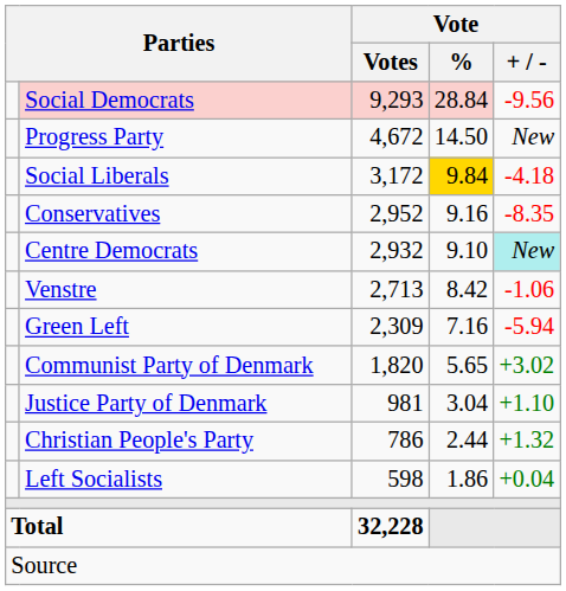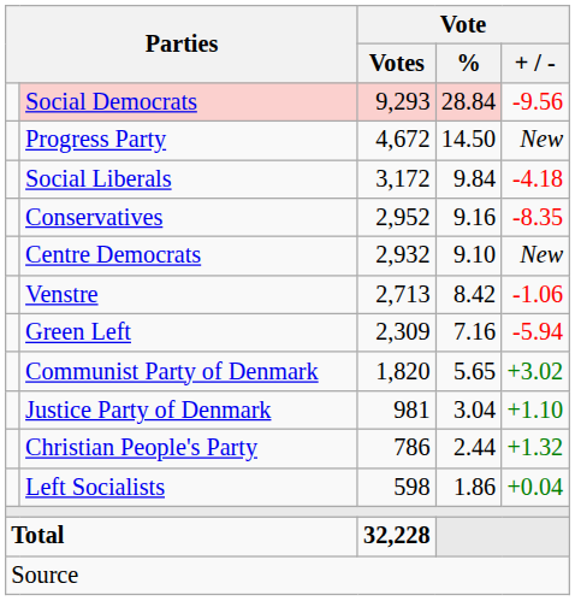 <table class="wikitable" style="text-align:right;">
 <tr>
 <th style="text-align:centre;" rowspan="2" colspan="2" width="225">Parties</th>
 <th colspan="3">Vote</th>
 </tr>
 <tr>
 <th width="15">Votes</th>
 <th width="15">%</th>
 <th width="15">+ / -</th>
 </tr>
 <tr>
 <td width="2" style="color:inherit;background:"></td>
 <td bgcolor=#fbd0ce  align="left"><a href='#'>Social Democrats</a></td>
 <td bgcolor=#fbd0ce>9,293</td>
 <td bgcolor=#fbd0ce>28.84</td>
 <td style=color:red;>-9.56</td>
 </tr>
 <tr>
 <td width="2" style="color:inherit;background:"></td>
 <td align="left"><a href='#'>Progress Party</a></td>
 <td>4,672</td>
 <td>14.50</td>
 <td><em>New</em></td>
 </tr>
 <tr>
 <td width="2" style="color:inherit;background:"></td>
 <td align="left"><a href='#'>Social Liberals</a></td>
 <td>3,172</td>
-<td style="background: gold;">9.84</td>
+<td>9.84</td>
 <td style=color:red;>-4.18</td>
 </tr>
 <tr>
 <td width="2" style="color:inherit;background:"></td>
 <td align="left"><a href='#'>Conservatives</a></td>
 <td>2,952</td>
 <td>9.16</td>
 <td style=color:red;>-8.35</td>
 </tr>
 <tr>
 <td width="2" style="color:inherit;background:"></td>
 <td align="left"><a href='#'>Centre Democrats</a></td>
 <td>2,932</td>
 <td>9.10</td>
-<td style="background: paleturquoise;"><em>New</em></td>
+<td><em>New</em></td>
 </tr>
 <tr>
 <td width="2" style="color:inherit;background:"></td>
 <td align="left"><a href='#'>Venstre</a></td>
 <td>2,713</td>
 <td>8.42</td>
 <td style=color:red;>-1.06</td>
 </tr>
 <tr>
 <td width="2" style="color:inherit;background:"></td>
 <td align="left"><a href='#'>Green Left</a></td>
 <td>2,309</td>
 <td>7.16</td>
 <td style=color:red;>-5.94</td>
 </tr>
 <tr>
 <td width="2" style="color:inherit;background:"></td>
 <td align="left"><a href='#'>Communist Party of Denmark</a></td>
 <td>1,820</td>
 <td>5.65</td>
 <td style=color:green;>+3.02</td>
 </tr>
 <tr>
 <td width="2" style="color:inherit;background:"></td>
 <td align="left"><a href='#'>Justice Party of Denmark</a></td>
 <td>981</td>
 <td>3.04</td>
 <td style=color:green;>+1.10</td>
 </tr>
 <tr>
 <td width="2" style="color:inherit;background:"></td>
 <td align="left"><a href='#'>Christian People's Party</a></td>
 <td>786</td>
 <td>2.44</td>
 <td style=color:green;>+1.32</td>
 </tr>
 <tr>
 <td width="2" style="color:inherit;background:"></td>
 <td align="left"><a href='#'>Left Socialists</a></td>
 <td>598</td>
 <td>1.86</td>
 <td style=color:green;>+0.04</td>
 </tr>
 <tr>
 <td colspan="7" bgcolor="#E9E9E9"></td>
 </tr>
 <tr>
 <td align="left" colspan="2"><strong>Total</strong></td>
 <td><strong>32,228</strong></td>
 <td bgcolor="#E9E9E9" colspan="2"></td>
 </tr>
 <tr>
 <td align="left" colspan="6">Source</td>
 </tr>
 </table>
